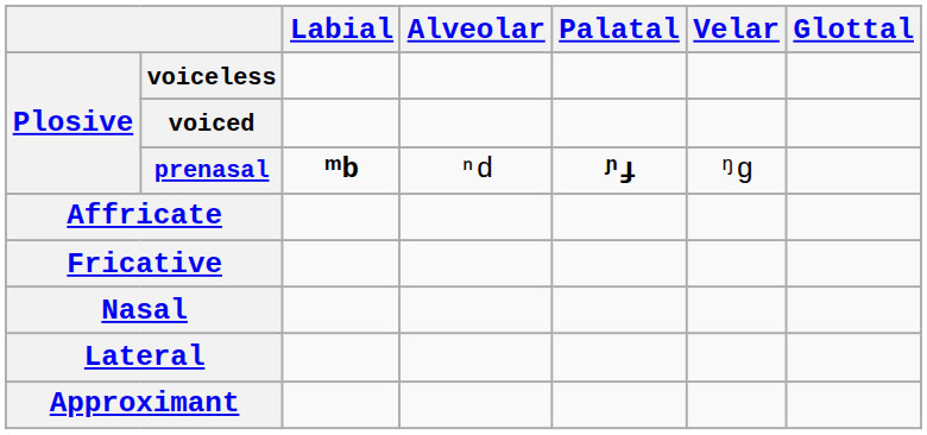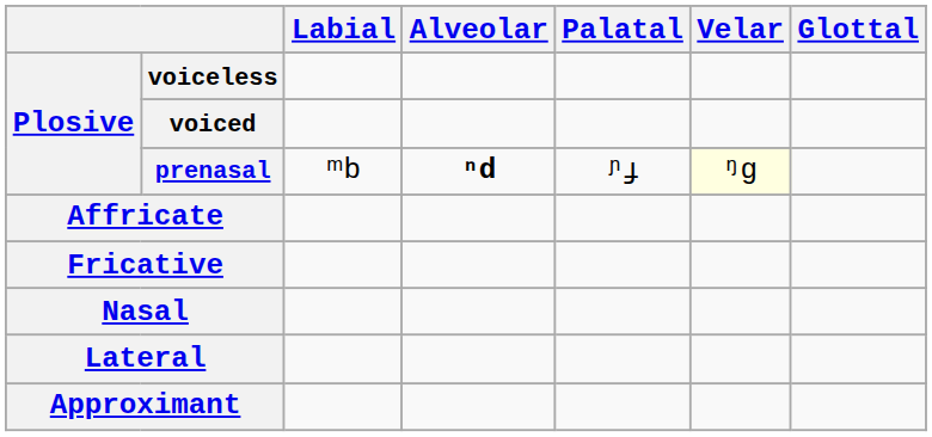 <table class="wikitable" style="text-align:center">
 <tr>
 <th colspan="2"></th>
 <th><a href='#'>Labial</a></th>
 <th><a href='#'>Alveolar</a></th>
 <th><a href='#'>Palatal</a></th>
 <th><a href='#'>Velar</a></th>
 <th><a href='#'>Glottal</a></th>
 </tr>
 <tr>
 <th rowspan="3"><a href='#'>Plosive</a></th>
 <th><small>voiceless</small></th>
 <td></td>
 <td></td>
 <td></td>
 <td></td>
 <td></td>
 </tr>
 <tr>
 <th><small>voiced</small></th>
 <td></td>
 <td></td>
 <td></td>
 <td></td>
 <td></td>
 </tr>
 <tr>
 <th><small><a href='#'>prenasal</a></small></th>
-<td><strong>ᵐb</strong></td>
-<td>ⁿd</td>
-<td><strong>ᶮɟ</strong></td>
-<td>ᵑɡ</td>
+<td>ᵐb</td>
+<td><strong>ⁿd</strong></td>
+<td>ᶮɟ</td>
+<td style="background: lightyellow;">ᵑɡ</td>
 <td></td>
 </tr>
 <tr>
 <th colspan="2"><a href='#'>Affricate</a></th>
 <td></td>
 <td></td>
 <td></td>
 <td></td>
 <td></td>
 </tr>
 <tr>
 <th colspan="2"><a href='#'>Fricative</a></th>
 <td></td>
 <td></td>
 <td></td>
 <td></td>
 <td></td>
 </tr>
 <tr>
 <th colspan="2"><a href='#'>Nasal</a></th>
 <td></td>
 <td></td>
 <td></td>
 <td></td>
 <td></td>
 </tr>
 <tr>
 <th colspan="2"><a href='#'>Lateral</a></th>
 <td></td>
 <td></td>
 <td></td>
 <td></td>
 <td></td>
 </tr>
 <tr>
 <th colspan="2"><a href='#'>Approximant</a></th>
 <td></td>
 <td></td>
 <td></td>
 <td></td>
 <td></td>
 </tr>
 </table>
